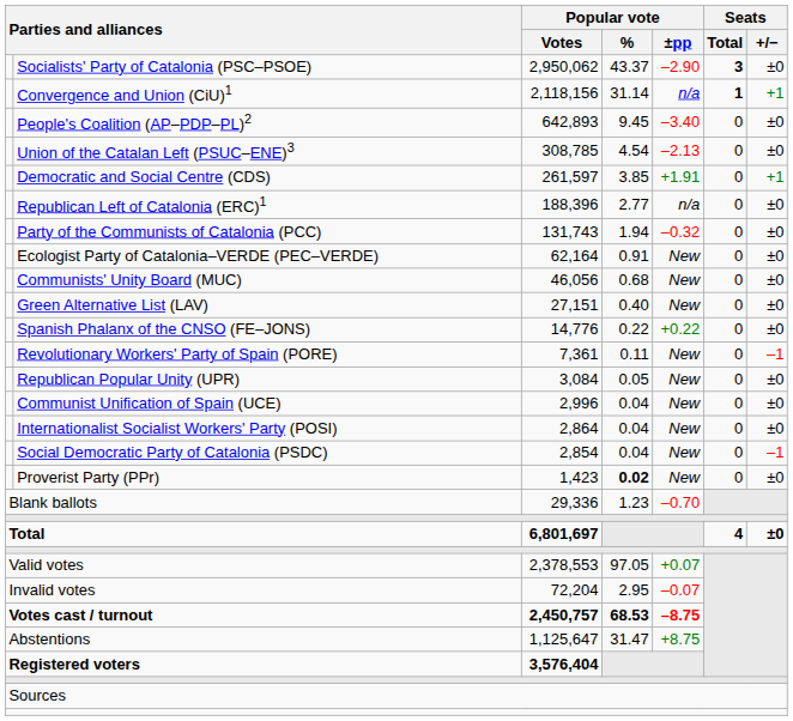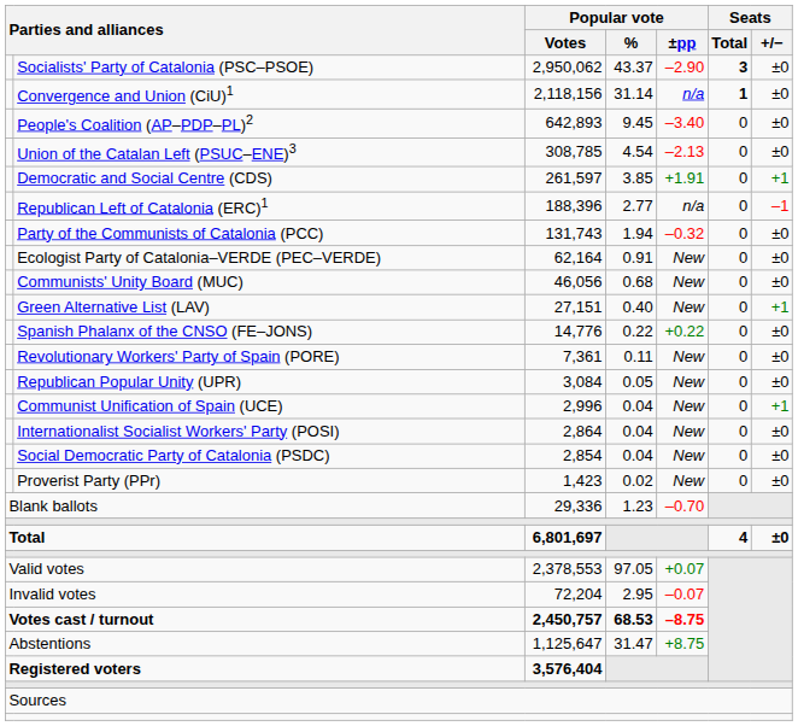 <table class="wikitable" style="text-align:right;">
 <tr>
 <th style="text-align:left;" rowspan="2" colspan="2" width="525">Parties and alliances</th>
 <th colspan="3">Popular vote</th>
 <th colspan="2">Seats</th>
 </tr>
 <tr>
 <th width="75">Votes</th>
 <th width="45">%</th>
 <th width="45">±<a href='#'>pp</a></th>
 <th width="35">Total</th>
 <th width="35">+/−</th>
 </tr>
 <tr>
 <td width="1" style="color:inherit;background:"></td>
 <td align="left"><a href='#'>Socialists' Party of Catalonia</a> (PSC–PSOE)</td>
 <td>2,950,062</td>
 <td>43.37</td>
 <td style="color:red;">–2.90</td>
 <td><strong>3</strong></td>
 <td>±0</td>
 </tr>
 <tr>
 <td style="color:inherit;background:"></td>
 <td align="left"><a href='#'>Convergence and Union</a> (CiU)<sup>1</sup></td>
 <td>2,118,156</td>
 <td>31.14</td>
 <td><em><a href='#'>n/a</a></em></td>
 <td><strong>1</strong></td>
-<td style="color:green;">+1</td>
+<td>±0</td>
 </tr>
 <tr>
 <td style="color:inherit;background:"></td>
 <td align="left"><a href='#'>People's Coalition</a> (<a href='#'>AP</a>–<a href='#'>PDP</a>–<a href='#'>PL</a>)<sup>2</sup></td>
 <td>642,893</td>
 <td>9.45</td>
 <td style="color:red;">–3.40</td>
 <td>0</td>
 <td>±0</td>
 </tr>
 <tr>
 <td style="color:inherit;background:"></td>
 <td align="left"><a href='#'>Union of the Catalan Left</a> (<a href='#'>PSUC</a>–<a href='#'>ENE</a>)<sup>3</sup></td>
 <td>308,785</td>
 <td>4.54</td>
 <td style="color:red;">–2.13</td>
 <td>0</td>
 <td>±0</td>
 </tr>
 <tr>
 <td style="color:inherit;background:"></td>
 <td align="left"><a href='#'>Democratic and Social Centre</a> (CDS)</td>
 <td>261,597</td>
 <td>3.85</td>
 <td style="color:green;">+1.91</td>
 <td>0</td>
 <td style="color:green;">+1</td>
 </tr>
 <tr>
 <td style="color:inherit;background:"></td>
 <td align="left"><a href='#'>Republican Left of Catalonia</a> (ERC)<sup>1</sup></td>
 <td>188,396</td>
 <td>2.77</td>
 <td><em>n/a</em></td>
 <td>0</td>
-<td>±0</td>
+<td style="color:red;">–1</td>
 </tr>
 <tr>
 <td style="color:inherit;background:"></td>
 <td align="left"><a href='#'>Party of the Communists of Catalonia</a> (PCC)</td>
 <td>131,743</td>
 <td>1.94</td>
 <td style="color:red;">–0.32</td>
 <td>0</td>
 <td>±0</td>
 </tr>
 <tr>
 <td style="color:inherit;background:"></td>
 <td align="left">Ecologist Party of Catalonia–VERDE (PEC–VERDE)</td>
 <td>62,164</td>
 <td>0.91</td>
 <td><em>New</em></td>
 <td>0</td>
 <td>±0</td>
 </tr>
 <tr>
 <td style="color:inherit;background:"></td>
 <td align="left"><a href='#'>Communists' Unity Board</a> (MUC)</td>
 <td>46,056</td>
 <td>0.68</td>
 <td><em>New</em></td>
 <td>0</td>
 <td>±0</td>
 </tr>
 <tr>
 <td style="color:inherit;background:"></td>
 <td align="left"><a href='#'>Green Alternative List</a> (LAV)</td>
 <td>27,151</td>
 <td>0.40</td>
 <td><em>New</em></td>
 <td>0</td>
-<td>±0</td>
+<td style="color:green;">+1</td>
 </tr>
 <tr>
 <td style="color:inherit;background:"></td>
 <td align="left"><a href='#'>Spanish Phalanx of the CNSO</a> (FE–JONS)</td>
 <td>14,776</td>
 <td>0.22</td>
 <td style="color:green;">+0.22</td>
 <td>0</td>
 <td>±0</td>
 </tr>
 <tr>
 <td style="color:inherit;background:"></td>
 <td align="left"><a href='#'>Revolutionary Workers' Party of Spain</a> (PORE)</td>
 <td>7,361</td>
 <td>0.11</td>
 <td><em>New</em></td>
 <td>0</td>
-<td style="color:red;">–1</td>
+<td>±0</td>
 </tr>
 <tr>
 <td style="color:inherit;background:"></td>
 <td align="left"><a href='#'>Republican Popular Unity</a> (UPR)</td>
 <td>3,084</td>
 <td>0.05</td>
 <td><em>New</em></td>
 <td>0</td>
 <td>±0</td>
 </tr>
 <tr>
 <td style="color:inherit;background:"></td>
 <td align="left"><a href='#'>Communist Unification of Spain</a> (UCE)</td>
 <td>2,996</td>
 <td>0.04</td>
 <td><em>New</em></td>
 <td>0</td>
-<td>±0</td>
+<td style="color:green;">+1</td>
 </tr>
 <tr>
 <td style="color:inherit;background:"></td>
 <td align="left"><a href='#'>Internationalist Socialist Workers' Party</a> (POSI)</td>
 <td>2,864</td>
 <td>0.04</td>
 <td><em>New</em></td>
 <td>0</td>
 <td>±0</td>
 </tr>
 <tr>
 <td style="color:inherit;background:"></td>
 <td align="left"><a href='#'>Social Democratic Party of Catalonia</a> (PSDC)</td>
 <td>2,854</td>
 <td>0.04</td>
 <td><em>New</em></td>
 <td>0</td>
-<td style="color:red;">–1</td>
+<td>±0</td>
 </tr>
 <tr>
 <td style="color:inherit;background:"></td>
 <td align="left">Proverist Party (PPr)</td>
 <td>1,423</td>
-<td><strong>0.02</strong></td>
+<td>0.02</td>
 <td><em>New</em></td>
 <td>0</td>
 <td>±0</td>
 </tr>
 <tr>
 <td align="left" colspan="2">Blank ballots</td>
 <td>29,336</td>
 <td>1.23</td>
 <td style="color:red;">–0.70</td>
 <td bgcolor="#E9E9E9" colspan="2"></td>
 </tr>
 <tr>
 <td colspan="7" bgcolor="#E9E9E9"></td>
 </tr>
 <tr style="font-weight:bold;">
 <td align="left" colspan="2">Total</td>
 <td>6,801,697</td>
 <td bgcolor="#E9E9E9" colspan="2"></td>
 <td>4</td>
 <td>±0</td>
 </tr>
 <tr>
 <td colspan="7" bgcolor="#E9E9E9"></td>
 </tr>
 <tr>
 <td align="left" colspan="2">Valid votes</td>
 <td>2,378,553</td>
 <td>97.05</td>
 <td style="color:green;">+0.07</td>
 <td bgcolor="#E9E9E9" colspan="2" rowspan="5"></td>
 </tr>
 <tr>
 <td align="left" colspan="2">Invalid votes</td>
 <td>72,204</td>
 <td>2.95</td>
 <td style="color:red;">–0.07</td>
 </tr>
 <tr style="font-weight:bold;">
 <td align="left" colspan="2">Votes cast / turnout</td>
 <td>2,450,757</td>
 <td>68.53</td>
 <td style="color:red;">–8.75</td>
 </tr>
 <tr>
 <td align="left" colspan="2">Abstentions</td>
 <td>1,125,647</td>
 <td>31.47</td>
 <td style="color:green;">+8.75</td>
 </tr>
 <tr style="font-weight:bold;">
 <td align="left" colspan="2">Registered voters</td>
 <td>3,576,404</td>
 <td bgcolor="#E9E9E9" colspan="2"></td>
 </tr>
 <tr>
 <td colspan="7" bgcolor="#E9E9E9"></td>
 </tr>
 <tr>
 <td align="left" colspan="7">Sources</td>
 </tr>
 <tr>
 <td colspan="7" style="text-align:left; max-width:790px;"></td>
 </tr>
 </table>
